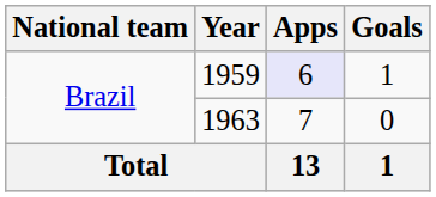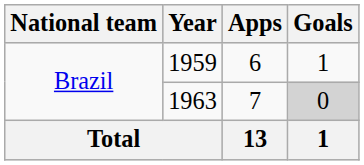 <table class="wikitable" style="text-align:center">
 <tr>
 <th>National team</th>
 <th>Year</th>
 <th>Apps</th>
 <th>Goals</th>
 </tr>
 <tr>
 <td rowspan="2"><a href='#'>Brazil</a></td>
 <td>1959</td>
-<td style="background: lavender;">6</td>
+<td>6</td>
 <td>1</td>
 </tr>
 <tr>
 <td>1963</td>
 <td>7</td>
-<td>0</td>
+<td style="background: lightgrey;">0</td>
 </tr>
 <tr>
 <th colspan="2">Total</th>
 <th>13</th>
 <th>1</th>
 </tr>
 </table>
